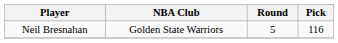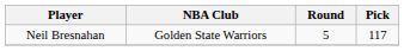 <table class="wikitable" width="500">
 <tr>
 <th>Player</th>
 <th>NBA Club</th>
 <th>Round</th>
 <th>Pick</th>
 </tr>
 <tr align="center" bgcolor="">
 <td>Neil Bresnahan</td>
 <td>Golden State Warriors</td>
 <td>5</td>
-<td>116</td>
+<td>117</td>
 </tr>
 <tr>
 </tr>
 </table>
